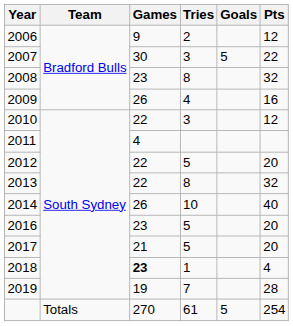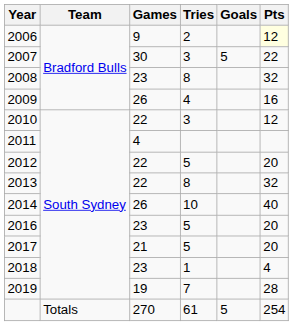 <table class="wikitable">
 <tr>
 <th>Year</th>
 <th>Team</th>
 <th>Games</th>
 <th>Tries</th>
 <th>Goals</th>
 <th>Pts</th>
 </tr>
 <tr>
 <td>2006</td>
 <td rowspan="4"> <a href='#'>Bradford Bulls</a></td>
 <td>9</td>
 <td>2</td>
 <td></td>
-<td>12</td>
+<td style="background: lightyellow;">12</td>
 </tr>
 <tr>
 <td>2007</td>
 <td>30</td>
 <td>3</td>
 <td>5</td>
 <td>22</td>
 </tr>
 <tr>
 <td>2008</td>
 <td>23</td>
 <td>8</td>
 <td></td>
 <td>32</td>
 </tr>
 <tr>
 <td>2009</td>
 <td>26</td>
 <td>4</td>
 <td></td>
 <td>16</td>
 </tr>
 <tr>
 <td>2010</td>
 <td rowspan="9"> <a href='#'>South Sydney</a></td>
 <td>22</td>
 <td>3</td>
 <td></td>
 <td>12</td>
 </tr>
 <tr>
 <td>2011</td>
 <td>4</td>
 <td></td>
 <td></td>
 <td></td>
 </tr>
 <tr>
 <td>2012</td>
 <td>22</td>
 <td>5</td>
 <td></td>
 <td>20</td>
 </tr>
 <tr>
 <td>2013</td>
 <td>22</td>
 <td>8</td>
 <td></td>
 <td>32</td>
 </tr>
 <tr>
 <td>2014</td>
 <td>26</td>
 <td>10</td>
 <td></td>
 <td>40</td>
 </tr>
 <tr>
 <td>2016</td>
 <td>23</td>
 <td>5</td>
 <td></td>
 <td>20</td>
 </tr>
 <tr>
 <td>2017</td>
 <td>21</td>
 <td>5</td>
 <td></td>
 <td>20</td>
 </tr>
 <tr>
 <td>2018</td>
-<td><strong>23</strong></td>
+<td>23</td>
 <td>1</td>
 <td></td>
 <td>4</td>
 </tr>
 <tr>
 <td>2019</td>
 <td>19</td>
 <td>7</td>
 <td></td>
 <td>28</td>
 </tr>
 <tr>
 <td></td>
 <td>Totals</td>
 <td>270</td>
 <td>61</td>
 <td>5</td>
 <td>254</td>
 </tr>
 </table>
